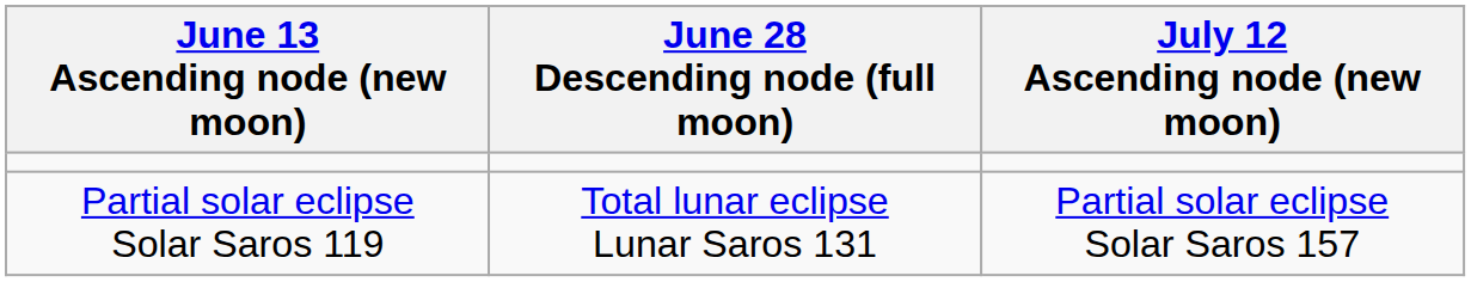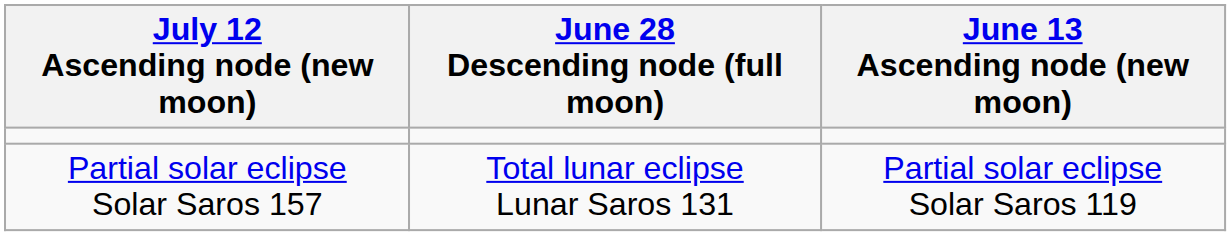 <table class="wikitable">
 <tr>
+<th><a href='#'>July 12</a><br>Ascending node (new moon)<br></th>
+<th><a href='#'>June 28</a><br>Descending node (full moon)<br></th>
 <th><a href='#'>June 13</a><br>Ascending node (new moon)<br></th>
-<th><a href='#'>June 28</a><br>Descending node (full moon)<br></th>
-<th><a href='#'>July 12</a><br>Ascending node (new moon)<br></th>
 </tr>
 <tr>
 <td></td>
 <td></td>
 <td></td>
 </tr>
 <tr align=center>
+<td><a href='#'>Partial solar eclipse</a><br>Solar Saros 157</td>
+<td><a href='#'>Total lunar eclipse</a><br>Lunar Saros 131</td>
 <td><a href='#'>Partial solar eclipse</a><br>Solar Saros 119</td>
-<td><a href='#'>Total lunar eclipse</a><br>Lunar Saros 131</td>
-<td><a href='#'>Partial solar eclipse</a><br>Solar Saros 157</td>
 </tr>
 </table>
